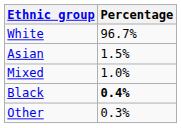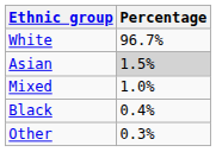 <table class="wikitable">
 <tr>
 <th><a href='#'>Ethnic group</a></th>
 <th>Percentage</th>
 </tr>
 <tr>
 <td><a href='#'>White</a></td>
 <td>96.7%</td>
 </tr>
 <tr>
 <td><a href='#'>Asian</a></td>
-<td>1.5%</td>
+<td style="background: lightgrey;">1.5%</td>
 </tr>
 <tr>
 <td><a href='#'>Mixed</a></td>
 <td>1.0%</td>
 </tr>
 <tr>
 <td><a href='#'>Black</a></td>
-<td><strong>0.4%</strong></td>
+<td>0.4%</td>
 </tr>
 <tr>
 <td><a href='#'>Other</a></td>
 <td>0.3%</td>
 </tr>
 </table>
